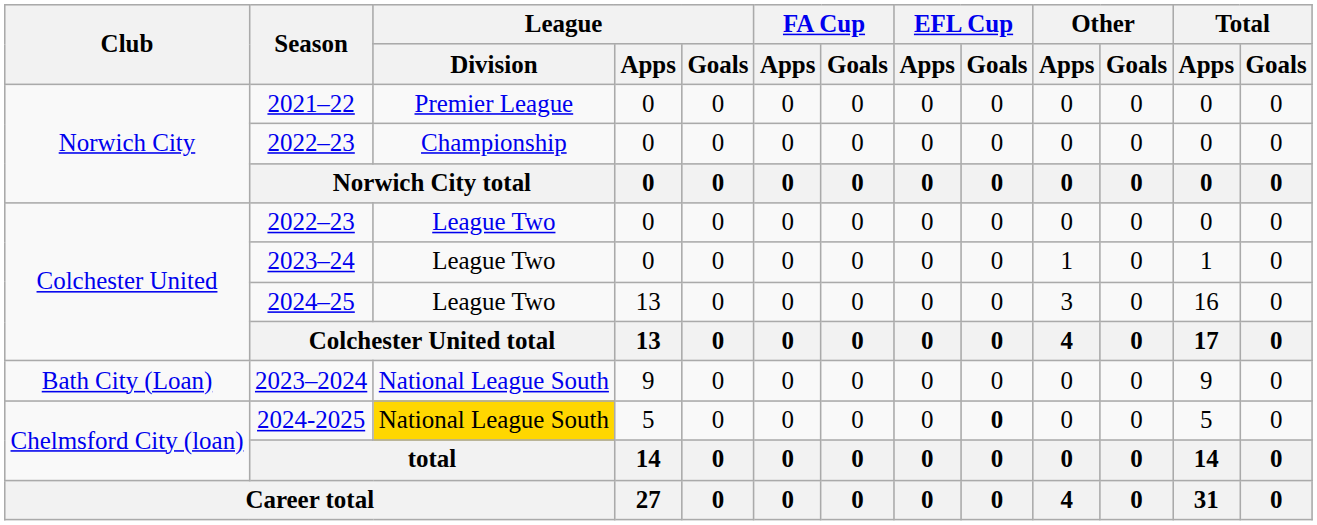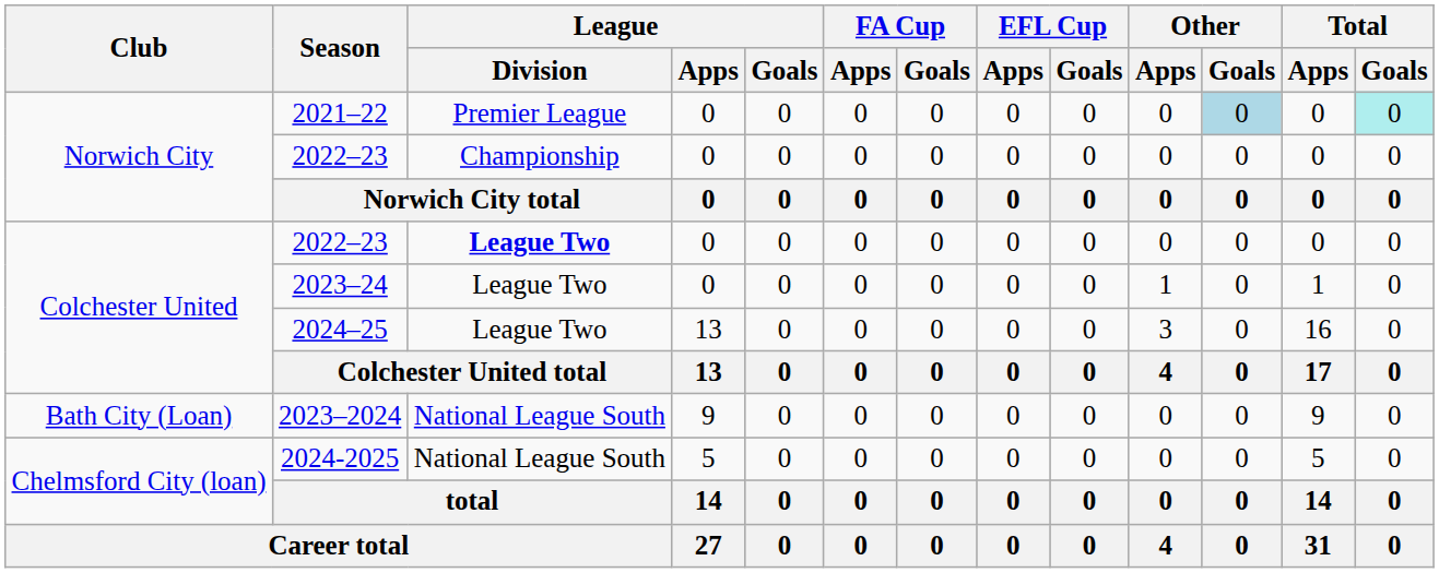 <table class="wikitable" style="text-align: center">
 <tr>
 <th rowspan="2">Club</th>
 <th rowspan="2">Season</th>
 <th colspan="3">League</th>
 <th colspan="2"><a href='#'>FA Cup</a></th>
 <th colspan="2"><a href='#'>EFL Cup</a></th>
 <th colspan="2">Other</th>
 <th colspan="2">Total</th>
 </tr>
 <tr>
 <th>Division</th>
 <th>Apps</th>
 <th>Goals</th>
 <th>Apps</th>
 <th>Goals</th>
 <th>Apps</th>
 <th>Goals</th>
 <th>Apps</th>
 <th>Goals</th>
 <th>Apps</th>
 <th>Goals</th>
 </tr>
 <tr>
 <td rowspan="3"><a href='#'>Norwich City</a></td>
 <td><a href='#'>2021–22</a></td>
 <td><a href='#'>Premier League</a></td>
 <td>0</td>
 <td>0</td>
 <td>0</td>
 <td>0</td>
 <td>0</td>
 <td>0</td>
 <td>0</td>
+<td style="background: lightblue;">0</td>
 <td>0</td>
-<td>0</td>
-<td>0</td>
+<td style="background: paleturquoise;">0</td>
 </tr>
 <tr>
 <td><a href='#'>2022–23</a></td>
 <td><a href='#'>Championship</a></td>
 <td>0</td>
 <td>0</td>
 <td>0</td>
 <td>0</td>
 <td>0</td>
 <td>0</td>
 <td>0</td>
 <td>0</td>
 <td>0</td>
 <td>0</td>
 </tr>
 <tr>
 <th colspan="2">Norwich City total</th>
 <th>0</th>
 <th>0</th>
 <th>0</th>
 <th>0</th>
 <th>0</th>
 <th>0</th>
 <th>0</th>
 <th>0</th>
 <th>0</th>
 <th>0</th>
 </tr>
 <tr>
 <td rowspan="4"><a href='#'>Colchester United</a></td>
 <td><a href='#'>2022–23</a></td>
-<td><a href='#'>League Two</a></td>
+<td><strong><a href='#'>League Two</a></strong></td>
 <td>0</td>
 <td>0</td>
 <td>0</td>
 <td>0</td>
 <td>0</td>
 <td>0</td>
 <td>0</td>
 <td>0</td>
 <td>0</td>
 <td>0</td>
 </tr>
 <tr>
 <td><a href='#'>2023–24</a></td>
 <td>League Two</td>
 <td>0</td>
 <td>0</td>
 <td>0</td>
 <td>0</td>
 <td>0</td>
 <td>0</td>
 <td>1</td>
 <td>0</td>
 <td>1</td>
 <td>0</td>
 </tr>
 <tr>
 <td><a href='#'>2024–25</a></td>
 <td>League Two</td>
 <td>13</td>
 <td>0</td>
 <td>0</td>
 <td>0</td>
 <td>0</td>
 <td>0</td>
 <td>3</td>
 <td>0</td>
 <td>16</td>
 <td>0</td>
 </tr>
 <tr>
 <th colspan="2">Colchester United total</th>
 <th>13</th>
 <th>0</th>
 <th>0</th>
 <th>0</th>
 <th>0</th>
 <th>0</th>
 <th>4</th>
 <th>0</th>
 <th>17</th>
 <th>0</th>
 </tr>
 <tr>
 <td><a href='#'>Bath City (Loan)</a></td>
 <td><a href='#'>2023–2024</a></td>
 <td><a href='#'>National League South</a></td>
 <td>9</td>
 <td>0</td>
 <td>0</td>
 <td>0</td>
 <td>0</td>
 <td>0</td>
 <td>0</td>
 <td>0</td>
 <td>9</td>
 <td>0</td>
 </tr>
 <tr>
 <td rowspan="2"><a href='#'>Chelmsford City (loan)</a></td>
 <td><a href='#'>2024-2025</a></td>
-<td style="background: gold;">National League South</td>
+<td>National League South</td>
 <td>5</td>
 <td>0</td>
 <td>0</td>
 <td>0</td>
 <td>0</td>
-<td><strong>0</strong></td>
+<td>0</td>
 <td>0</td>
 <td>0</td>
 <td>5</td>
 <td>0</td>
 </tr>
 <tr>
 <th colspan="2">total</th>
 <th>14</th>
 <th>0</th>
 <th>0</th>
 <th>0</th>
 <th>0</th>
 <th>0</th>
 <th>0</th>
 <th>0</th>
 <th>14</th>
 <th>0</th>
 </tr>
 <tr>
 <th colspan="3">Career total</th>
 <th>27</th>
 <th>0</th>
 <th>0</th>
 <th>0</th>
 <th>0</th>
 <th>0</th>
 <th>4</th>
 <th>0</th>
 <th>31</th>
 <th>0</th>
 </tr>
 </table>
